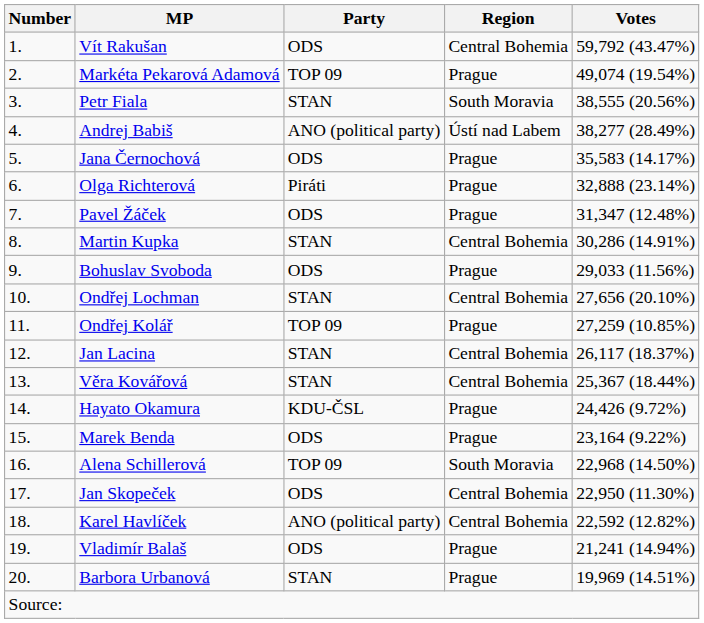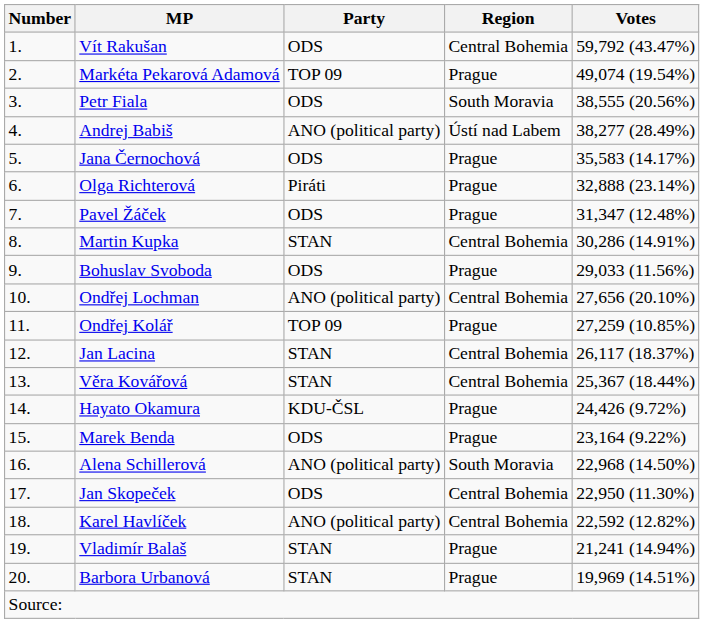 <table class="wikitable mw-collapsible mw-collapsed">
 <tr>
 <th>Number</th>
 <th>MP</th>
 <th>Party</th>
 <th>Region</th>
 <th>Votes</th>
 </tr>
 <tr>
 <td>1.</td>
 <td><a href='#'>Vít Rakušan</a></td>
 <td style="background-color:">ODS</td>
 <td>Central Bohemia</td>
 <td>59,792 (43.47%)</td>
 </tr>
 <tr>
 <td>2.</td>
 <td><a href='#'>Markéta Pekarová Adamová</a></td>
 <td style="background-color:">TOP 09</td>
 <td>Prague</td>
 <td>49,074 (19.54%)</td>
 </tr>
 <tr>
 <td>3.</td>
 <td><a href='#'>Petr Fiala</a></td>
-<td style="background-color:">STAN</td>
+<td style="background-color:">ODS</td>
 <td>South Moravia</td>
 <td>38,555 (20.56%)</td>
 </tr>
 <tr>
 <td>4.</td>
 <td><a href='#'>Andrej Babiš</a></td>
 <td style="background-color:">ANO (political party)</td>
 <td>Ústí nad Labem</td>
 <td>38,277 (28.49%)</td>
 </tr>
 <tr>
 <td>5.</td>
 <td><a href='#'>Jana Černochová</a></td>
 <td style="background-color:">ODS</td>
 <td>Prague</td>
 <td>35,583 (14.17%)</td>
 </tr>
 <tr>
 <td>6.</td>
 <td><a href='#'>Olga Richterová</a></td>
 <td style="background-color:">Piráti</td>
 <td>Prague</td>
 <td>32,888 (23.14%)</td>
 </tr>
 <tr>
 <td>7.</td>
 <td><a href='#'>Pavel Žáček</a></td>
 <td style="background-color:">ODS</td>
 <td>Prague</td>
 <td>31,347 (12.48%)</td>
 </tr>
 <tr>
 <td>8.</td>
 <td><a href='#'>Martin Kupka</a></td>
 <td style="background-color:">STAN</td>
 <td>Central Bohemia</td>
 <td>30,286 (14.91%)</td>
 </tr>
 <tr>
 <td>9.</td>
 <td><a href='#'>Bohuslav Svoboda</a></td>
 <td style="background-color:">ODS</td>
 <td>Prague</td>
 <td>29,033 (11.56%)</td>
 </tr>
 <tr>
 <td>10.</td>
 <td><a href='#'>Ondřej Lochman</a></td>
-<td style="background-color:">STAN</td>
+<td style="background-color:">ANO (political party)</td>
 <td>Central Bohemia</td>
 <td>27,656 (20.10%)</td>
 </tr>
 <tr>
 <td>11.</td>
 <td><a href='#'>Ondřej Kolář</a></td>
 <td style="background-color:">TOP 09</td>
 <td>Prague</td>
 <td>27,259 (10.85%)</td>
 </tr>
 <tr>
 <td>12.</td>
 <td><a href='#'>Jan Lacina</a></td>
 <td style="background-color:">STAN</td>
 <td>Central Bohemia</td>
 <td>26,117 (18.37%)</td>
 </tr>
 <tr>
 <td>13.</td>
 <td><a href='#'>Věra Kovářová</a></td>
 <td style="background-color:">STAN</td>
 <td>Central Bohemia</td>
 <td>25,367 (18.44%)</td>
 </tr>
 <tr>
 <td>14.</td>
 <td><a href='#'>Hayato Okamura</a></td>
 <td style="background-color:">KDU-ČSL</td>
 <td>Prague</td>
 <td>24,426 (9.72%)</td>
 </tr>
 <tr>
 <td>15.</td>
 <td><a href='#'>Marek Benda</a></td>
 <td style="background-color:">ODS</td>
 <td>Prague</td>
 <td>23,164 (9.22%)</td>
 </tr>
 <tr>
 <td>16.</td>
 <td><a href='#'>Alena Schillerová</a></td>
-<td style="background-color:">TOP 09</td>
+<td style="background-color:">ANO (political party)</td>
 <td>South Moravia</td>
 <td>22,968 (14.50%)</td>
 </tr>
 <tr>
 <td>17.</td>
 <td><a href='#'>Jan Skopeček</a></td>
 <td style="background-color:">ODS</td>
 <td>Central Bohemia</td>
 <td>22,950 (11.30%)</td>
 </tr>
 <tr>
 <td>18.</td>
 <td><a href='#'>Karel Havlíček</a></td>
 <td style="background-color:">ANO (political party)</td>
 <td>Central Bohemia</td>
 <td>22,592 (12.82%)</td>
 </tr>
 <tr>
 <td>19.</td>
 <td><a href='#'>Vladimír Balaš</a></td>
-<td style="background-color:">ODS</td>
+<td style="background-color:">STAN</td>
 <td>Prague</td>
 <td>21,241 (14.94%)</td>
 </tr>
 <tr>
 <td>20.</td>
 <td><a href='#'>Barbora Urbanová</a></td>
 <td style="background-color:">STAN</td>
 <td>Prague</td>
 <td>19,969 (14.51%)</td>
 </tr>
 <tr>
 <td colspan=5>Source:</td>
 </tr>
 </table>
